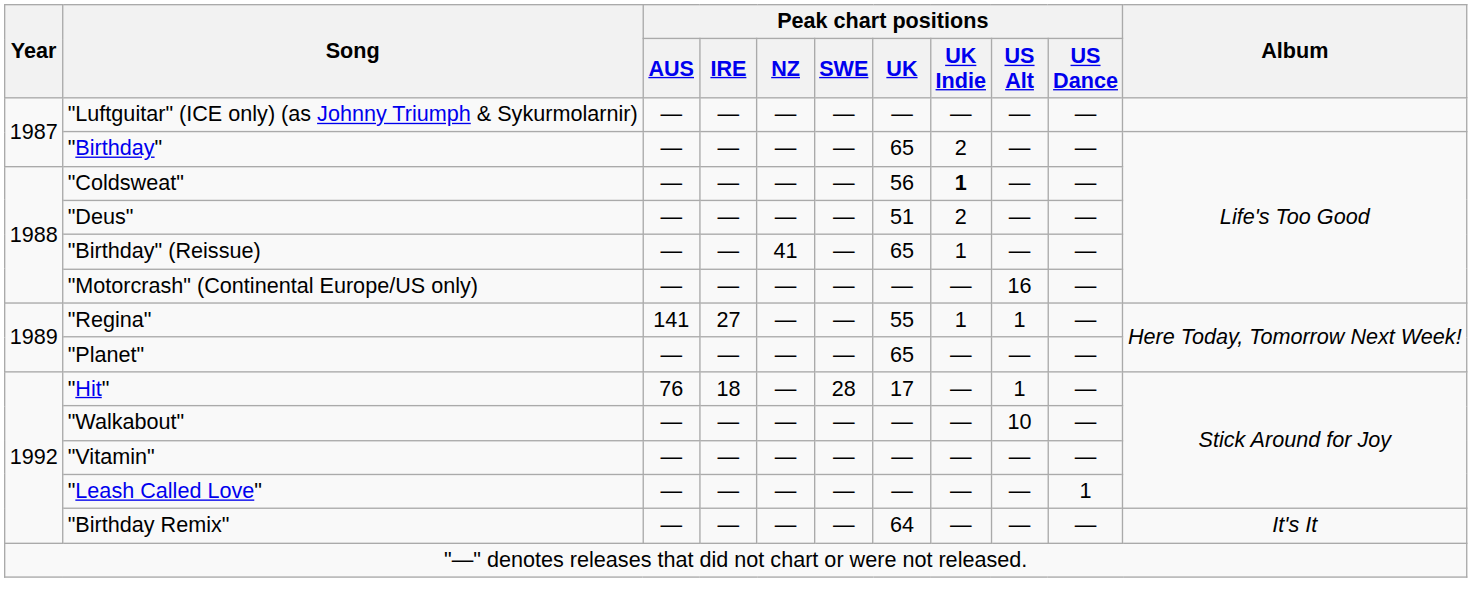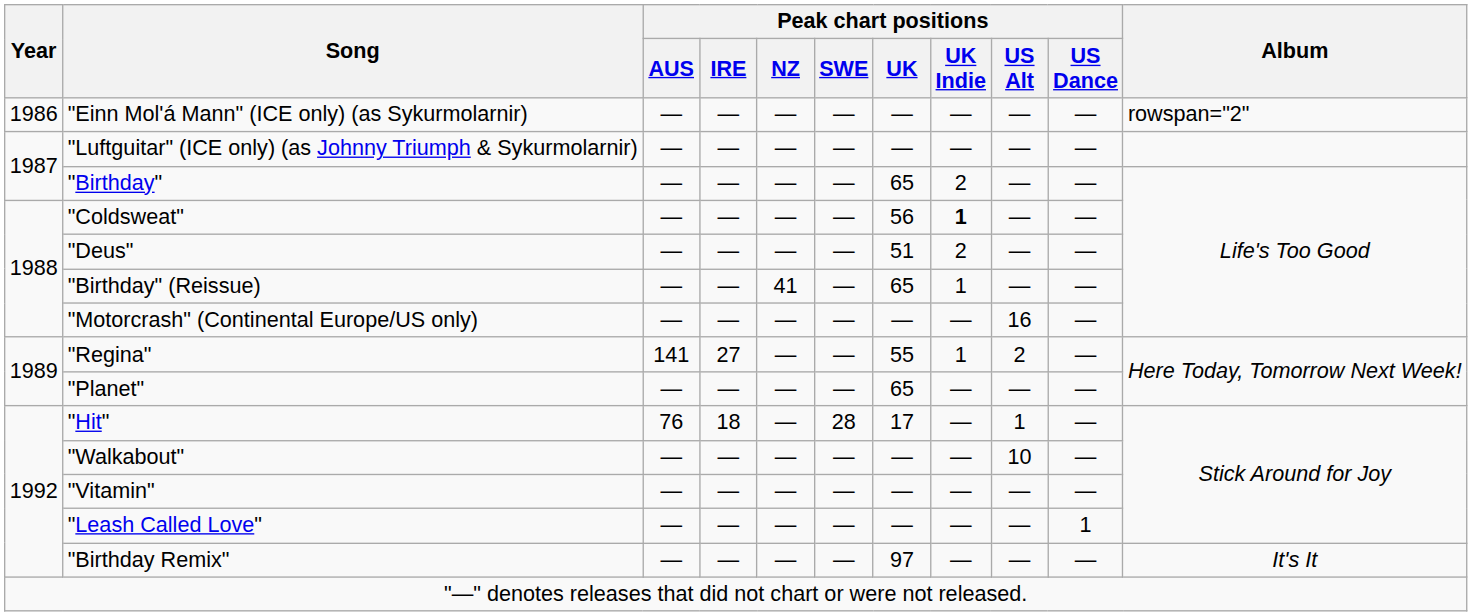 <table class="wikitable">
 <tr>
 <th rowspan="2">Year</th>
 <th rowspan="2">Song</th>
 <th colspan="8">Peak chart positions</th>
 <th rowspan="2">Album</th>
 </tr>
 <tr>
 <th width="35"><a href='#'>AUS</a><br></th>
 <th width="35"><a href='#'>IRE</a><br></th>
 <th width="35"><a href='#'>NZ</a><br></th>
 <th width="35"><a href='#'>SWE</a><br></th>
 <th width="35"><a href='#'>UK</a><br></th>
 <th width="35"><a href='#'>UK Indie</a><br></th>
 <th width="35"><a href='#'>US Alt</a><br></th>
 <th width="35"><a href='#'>US Dance</a><br></th>
+</tr>
+<tr>
+<td>1986</td>
+<td>"Einn Mol'á Mann" (ICE only) (as Sykurmolarnir)</td>
+<td style="text-align:center;">—</td>
+<td style="text-align:center;">—</td>
+<td style="text-align:center;">—</td>
+<td style="text-align:center;">—</td>
+<td style="text-align:center;">—</td>
+<td style="text-align:center;">—</td>
+<td style="text-align:center;">—</td>
+<td style="text-align:center;">—</td>
+<td>rowspan="2" </td>
 </tr>
 <tr>
 <td rowspan="2">1987</td>
 <td>"Luftguitar" (ICE only) (as <a href='#'>Johnny Triumph</a> & Sykurmolarnir)</td>
 <td style="text-align:center;">—</td>
 <td style="text-align:center;">—</td>
 <td style="text-align:center;">—</td>
 <td style="text-align:center;">—</td>
 <td style="text-align:center;">—</td>
 <td style="text-align:center;">—</td>
 <td style="text-align:center;">—</td>
 <td style="text-align:center;">—</td>
 </tr>
 <tr>
 <td>"<a href='#'>Birthday</a>"</td>
 <td style="text-align:center;">—</td>
 <td style="text-align:center;">—</td>
 <td style="text-align:center;">—</td>
 <td style="text-align:center;">—</td>
 <td style="text-align:center;">65</td>
 <td style="text-align:center;">2</td>
 <td style="text-align:center;">—</td>
 <td style="text-align:center;">—</td>
 <td rowspan="5" style="text-align:center;"><em>Life's Too Good</em></td>
 </tr>
 <tr>
 <td rowspan="4">1988</td>
 <td>"Coldsweat"</td>
 <td style="text-align:center;">—</td>
 <td style="text-align:center;">—</td>
 <td style="text-align:center;">—</td>
 <td style="text-align:center;">—</td>
 <td style="text-align:center;">56</td>
 <td style="text-align:center;"><strong>1</strong></td>
 <td style="text-align:center;">—</td>
 <td style="text-align:center;">—</td>
 </tr>
 <tr>
 <td>"Deus"</td>
 <td style="text-align:center;">—</td>
 <td style="text-align:center;">—</td>
 <td style="text-align:center;">—</td>
 <td style="text-align:center;">—</td>
 <td style="text-align:center;">51</td>
 <td style="text-align:center;">2</td>
 <td style="text-align:center;">—</td>
 <td style="text-align:center;">—</td>
 </tr>
 <tr>
 <td>"Birthday" (Reissue)</td>
 <td style="text-align:center;">—</td>
 <td style="text-align:center;">—</td>
 <td style="text-align:center;">41</td>
 <td style="text-align:center;">—</td>
 <td style="text-align:center;">65</td>
 <td style="text-align:center;">1</td>
 <td style="text-align:center;">—</td>
 <td style="text-align:center;">—</td>
 </tr>
 <tr>
 <td>"Motorcrash" (Continental Europe/US only)</td>
 <td style="text-align:center;">—</td>
 <td style="text-align:center;">—</td>
 <td style="text-align:center;">—</td>
 <td style="text-align:center;">—</td>
 <td style="text-align:center;">—</td>
 <td style="text-align:center;">—</td>
 <td style="text-align:center;">16</td>
 <td style="text-align:center;">—</td>
 </tr>
 <tr>
 <td rowspan="2">1989</td>
 <td>"Regina"</td>
 <td style="text-align:center;">141</td>
 <td style="text-align:center;">27</td>
 <td style="text-align:center;">—</td>
 <td style="text-align:center;">—</td>
 <td style="text-align:center;">55</td>
 <td style="text-align:center;">1</td>
-<td style="text-align:center;">1</td>
+<td style="text-align:center;">2</td>
 <td style="text-align:center;">—</td>
 <td rowspan="2" style="text-align:center;"><em>Here Today, Tomorrow Next Week!</em></td>
 </tr>
 <tr>
 <td>"Planet"</td>
 <td style="text-align:center;">—</td>
 <td style="text-align:center;">—</td>
 <td style="text-align:center;">—</td>
 <td style="text-align:center;">—</td>
 <td style="text-align:center;">65</td>
 <td style="text-align:center;">—</td>
 <td style="text-align:center;">—</td>
 <td style="text-align:center;">—</td>
 </tr>
 <tr>
 <td rowspan="5">1992</td>
 <td>"<a href='#'>Hit</a>"</td>
 <td style="text-align:center;">76</td>
 <td style="text-align:center;">18</td>
 <td style="text-align:center;">—</td>
 <td style="text-align:center;">28</td>
 <td style="text-align:center;">17</td>
 <td style="text-align:center;">—</td>
 <td style="text-align:center;">1</td>
 <td style="text-align:center;">—</td>
 <td rowspan="4" style="text-align:center;"><em>Stick Around for Joy</em></td>
 </tr>
 <tr>
 <td>"Walkabout"</td>
 <td style="text-align:center;">—</td>
 <td style="text-align:center;">—</td>
 <td style="text-align:center;">—</td>
 <td style="text-align:center;">—</td>
 <td style="text-align:center;">—</td>
 <td style="text-align:center;">—</td>
 <td style="text-align:center;">10</td>
 <td style="text-align:center;">—</td>
 </tr>
 <tr>
 <td>"Vitamin"</td>
 <td style="text-align:center;">—</td>
 <td style="text-align:center;">—</td>
 <td style="text-align:center;">—</td>
 <td style="text-align:center;">—</td>
 <td style="text-align:center;">—</td>
 <td style="text-align:center;">—</td>
 <td style="text-align:center;">—</td>
 <td style="text-align:center;">—</td>
 </tr>
 <tr>
 <td>"<a href='#'>Leash Called Love</a>"</td>
 <td style="text-align:center;">—</td>
 <td style="text-align:center;">—</td>
 <td style="text-align:center;">—</td>
 <td style="text-align:center;">—</td>
 <td style="text-align:center;">—</td>
 <td style="text-align:center;">—</td>
 <td style="text-align:center;">—</td>
 <td style="text-align:center;">1</td>
 </tr>
 <tr>
 <td>"Birthday Remix"</td>
 <td style="text-align:center;">—</td>
 <td style="text-align:center;">—</td>
 <td style="text-align:center;">—</td>
 <td style="text-align:center;">—</td>
-<td style="text-align:center;">64</td>
+<td style="text-align:center;">97</td>
 <td style="text-align:center;">—</td>
 <td style="text-align:center;">—</td>
 <td style="text-align:center;">—</td>
 <td style="text-align:center;"><em>It's It</em></td>
 </tr>
 <tr>
 <td colspan="11" style="text-align:center;">"—" denotes releases that did not chart or were not released.</td>
 </tr>
 </table>
